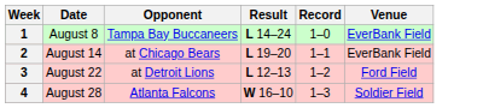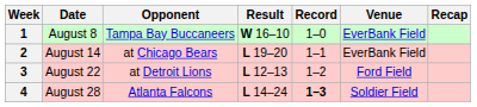 <table class="wikitable" style="text-align:center">
 <tr>
 <th>Week</th>
 <th>Date</th>
 <th>Opponent</th>
 <th>Result</th>
 <th>Record</th>
 <th>Venue</th>
+<th>Recap</th>
 </tr>
 <tr style="background:#cfc;">
 <th>1</th>
 <td>August 8</td>
 <td><a href='#'>Tampa Bay Buccaneers</a></td>
-<td><strong>L</strong> 14–24</td>
+<td><strong>W</strong> 16–10</td>
 <td>1–0</td>
 <td><a href='#'>EverBank Field</a></td>
+<td></td>
 </tr>
 <tr style="background:#fcc;">
 <th>2</th>
 <td>August 14</td>
 <td>at <a href='#'>Chicago Bears</a></td>
 <td><strong>L</strong> 19–20</td>
 <td>1–1</td>
 <td>EverBank Field</td>
+<td></td>
 </tr>
 <tr style="background:#fcc;">
 <th>3</th>
 <td>August 22</td>
 <td>at <a href='#'>Detroit Lions</a></td>
 <td><strong>L</strong> 12–13</td>
 <td>1–2</td>
 <td><a href='#'>Ford Field</a></td>
+<td></td>
 </tr>
 <tr style="background:#fcc;">
 <th>4</th>
 <td>August 28</td>
 <td><a href='#'>Atlanta Falcons</a></td>
-<td><strong>W</strong> 16–10</td>
-<td>1–3</td>
+<td><strong>L</strong> 14–24</td>
+<td><strong>1–3</strong></td>
 <td><a href='#'>Soldier Field</a></td>
+<td></td>
 </tr>
 </table>
